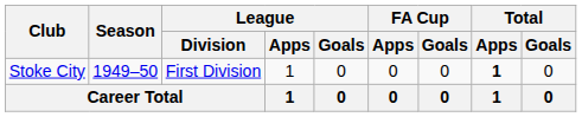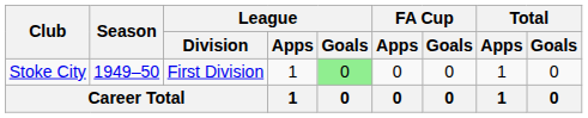 <table class="wikitable" style="text-align: center;">
 <tr>
 <th rowspan="2">Club</th>
 <th rowspan="2">Season</th>
 <th colspan="3">League</th>
 <th colspan="2">FA Cup</th>
 <th colspan="2">Total</th>
 </tr>
 <tr>
 <th>Division</th>
 <th>Apps</th>
 <th>Goals</th>
 <th>Apps</th>
 <th>Goals</th>
 <th>Apps</th>
 <th>Goals</th>
 </tr>
 <tr>
 <td><a href='#'>Stoke City</a></td>
 <td><a href='#'>1949–50</a></td>
 <td><a href='#'>First Division</a></td>
 <td>1</td>
+<td style="background: lightgreen;">0</td>
 <td>0</td>
 <td>0</td>
-<td>0</td>
-<td><strong>1</strong></td>
+<td>1</td>
 <td>0</td>
 </tr>
 <tr>
 <th colspan="3">Career Total</th>
 <th>1</th>
 <th>0</th>
 <th>0</th>
 <th>0</th>
 <th>1</th>
 <th>0</th>
 </tr>
 </table>
